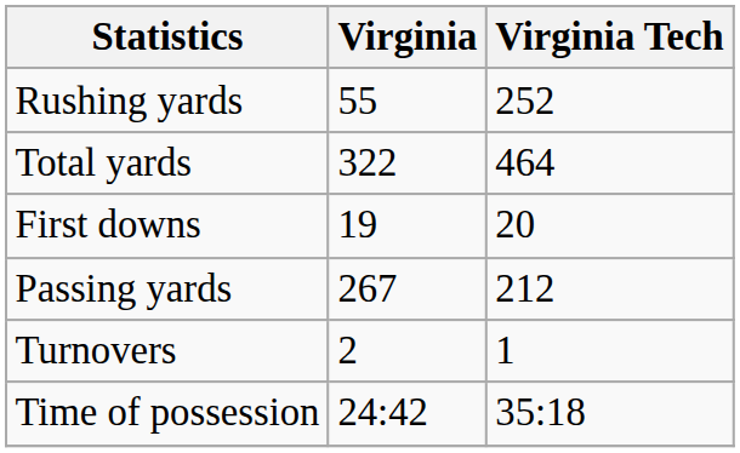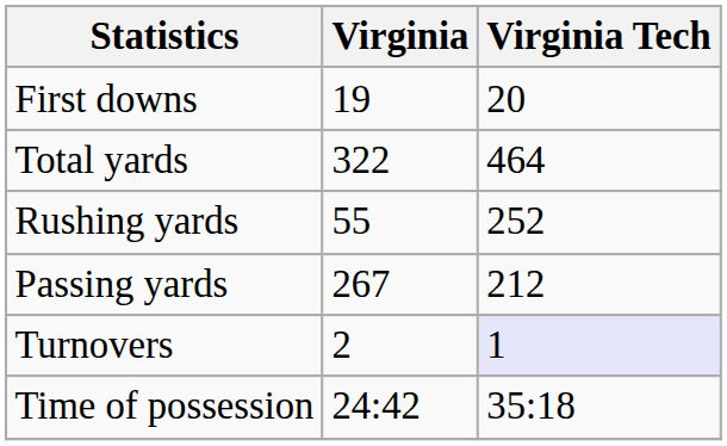 <table class="wikitable">
 <tr>
 <th>Statistics</th>
 <th>Virginia</th>
 <th>Virginia Tech</th>
 </tr>
 <tr>
-<td>Rushing yards</td>
-<td>55</td>
-<td>252</td>
+<td>First downs</td>
+<td>19</td>
+<td>20</td>
 </tr>
 <tr>
 <td>Total yards</td>
 <td>322</td>
 <td>464</td>
 </tr>
 <tr>
-<td>First downs</td>
-<td>19</td>
-<td>20</td>
+<td>Rushing yards</td>
+<td>55</td>
+<td>252</td>
 </tr>
 <tr>
 <td>Passing yards</td>
 <td>267</td>
 <td>212</td>
 </tr>
 <tr>
 <td>Turnovers</td>
 <td>2</td>
-<td>1</td>
+<td style="background: lavender;">1</td>
 </tr>
 <tr>
 <td>Time of possession</td>
 <td>24:42</td>
 <td>35:18</td>
 </tr>
 <tr>
 </tr>
 </table>
